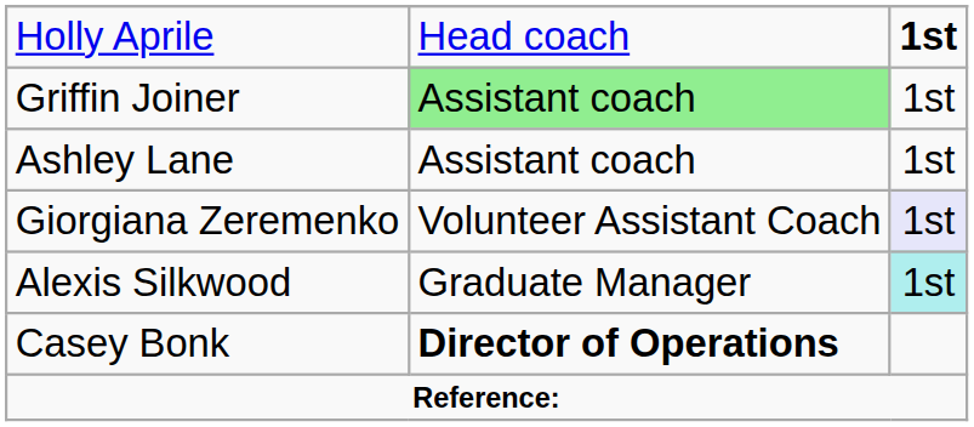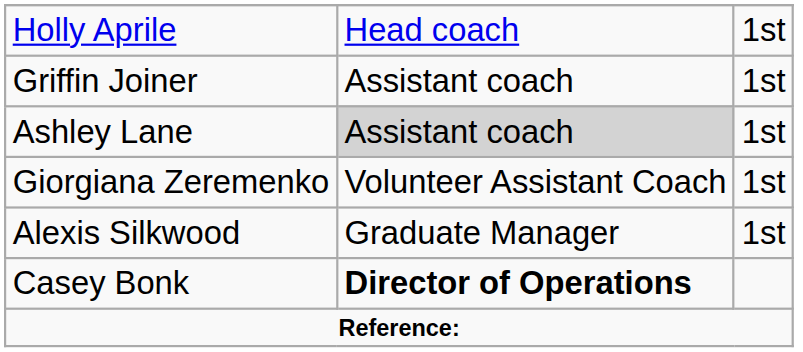 <table class="wikitable" style="font-size:93%;">
 <tr>
 </tr>
 <tr>
 <td><a href='#'>Holly Aprile</a></td>
 <td><a href='#'>Head coach</a></td>
-<td align=center><strong>1st</strong></td>
+<td align=center>1st</td>
 </tr>
 <tr>
 <td>Griffin Joiner</td>
-<td style="background: lightgreen;">Assistant coach</td>
+<td>Assistant coach</td>
 <td align=center>1st</td>
 </tr>
 <tr>
 <td>Ashley Lane</td>
-<td>Assistant coach</td>
+<td style="background: lightgrey;">Assistant coach</td>
 <td align=center>1st</td>
 </tr>
 <tr>
 <td>Giorgiana Zeremenko</td>
 <td>Volunteer Assistant Coach</td>
-<td align=center style="background: lavender;">1st</td>
+<td align=center>1st</td>
 </tr>
 <tr>
 <td>Alexis Silkwood</td>
 <td>Graduate Manager</td>
-<td align=center style="background: paleturquoise;">1st</td>
+<td align=center>1st</td>
 </tr>
 <tr>
 <td>Casey Bonk</td>
 <td><strong>Director of Operations</strong></td>
 <td align=center></td>
 </tr>
 <tr>
 <td colspan="4"  style="font-size:8pt; text-align:center;"><strong>Reference:</strong></td>
 </tr>
 </table>
